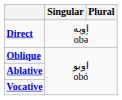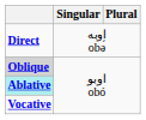 <table class="wikitable">
 <tr>
 <th></th>
 <th>Singular</th>
 <th>Plural</th>
 </tr>
 <tr>
 <td><strong><a href='#'>Direct</a></strong></td>
 <td colspan="2" style="text-align:center;">اوبه<br>obә́</td>
 </tr>
 <tr>
-<td><strong><a href='#'>Oblique</a></strong></td>
+<td style="background: lightgrey;"><strong><a href='#'>Oblique</a></strong></td>
 <td colspan="2" rowspan="3" style="text-align:center;">اوبو<br>obó</td>
 </tr>
 <tr>
-<td><strong><a href='#'>Ablative</a></strong></td>
+<td style="background: paleturquoise;"><strong><a href='#'>Ablative</a></strong></td>
 </tr>
 <tr>
 <td><strong><a href='#'>Vocative</a></strong></td>
 </tr>
 </table>
